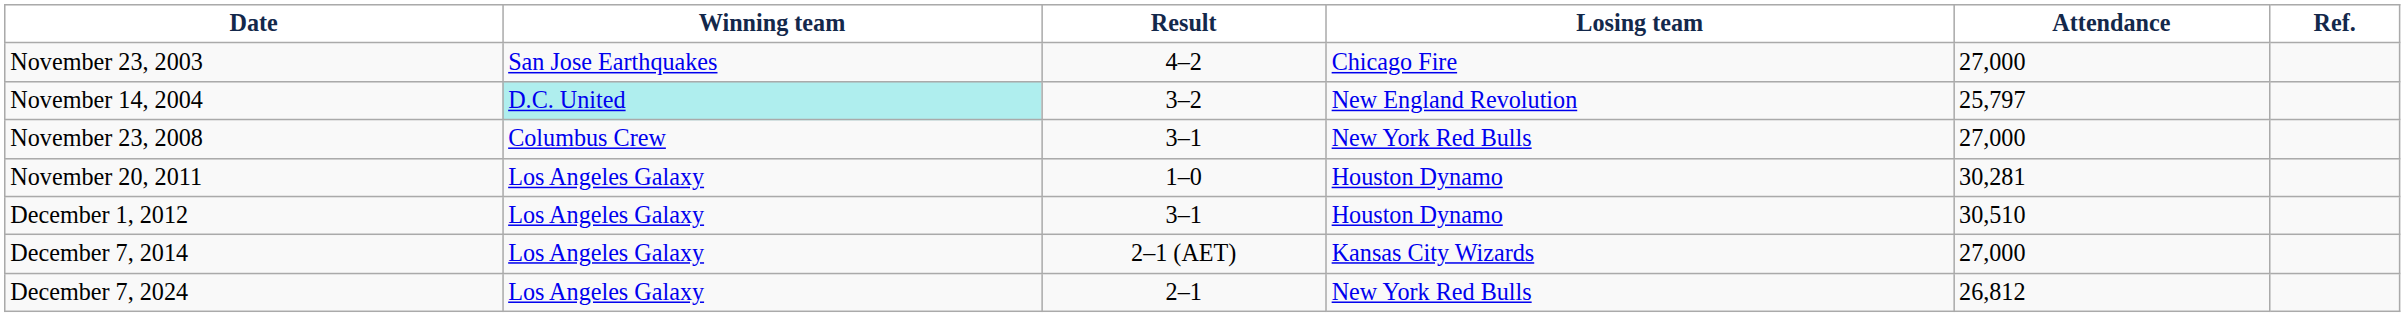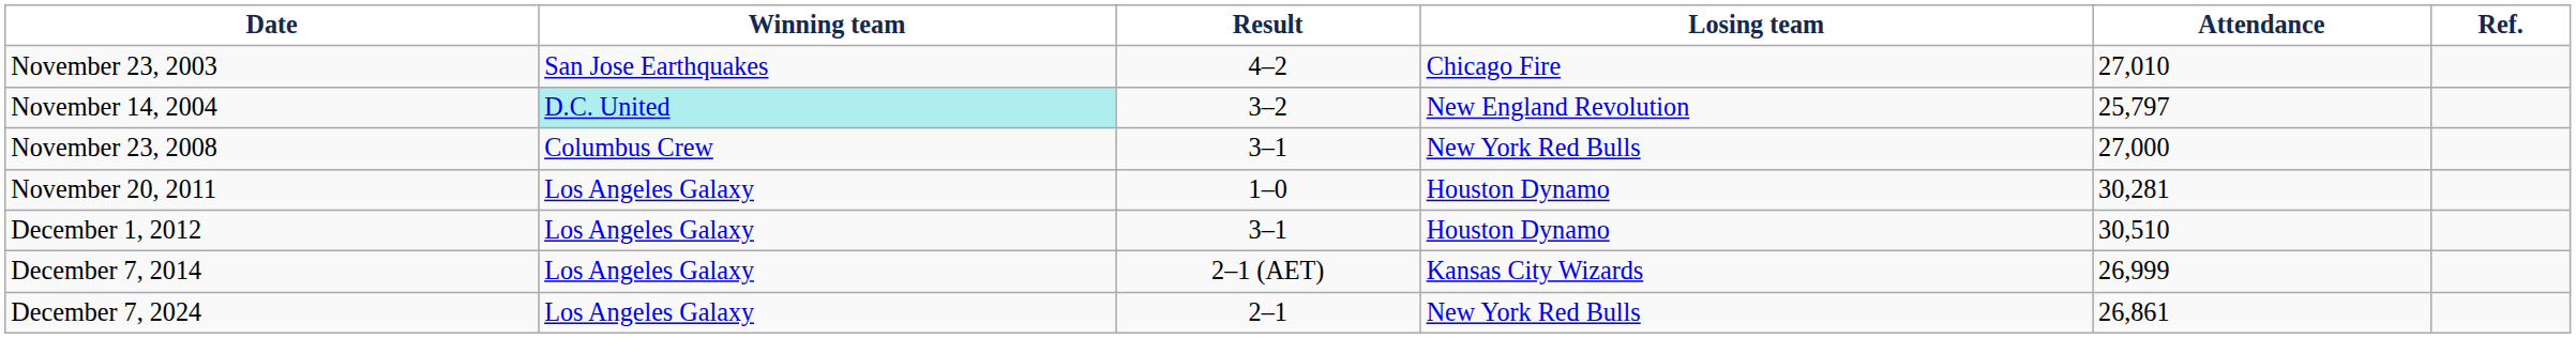 <table class="wikitable" style="text-align:left; width:80%;" style="text-align:center">
 <tr>
 <th style="text-align:center; background:#FFFFFF; color:#13284B; ">Date</th>
 <th style="text-align:center; background:#FFFFFF; color:#13284B; ">Winning team</th>
 <th style="text-align:center; background:#FFFFFF; color:#13284B; ">Result</th>
 <th style="text-align:center; background:#FFFFFF; color:#13284B; ">Losing team</th>
 <th style="text-align:center; background:#FFFFFF; color:#13284B; ">Attendance</th>
 <th style="text-align:center; background:#FFFFFF; color:#13284B; ">Ref.</th>
 </tr>
 <tr>
 <td>November 23, 2003</td>
 <td> <a href='#'>San Jose Earthquakes</a></td>
 <td align=center>4–2</td>
 <td> <a href='#'>Chicago Fire</a></td>
-<td>27,000</td>
+<td>27,010</td>
 <td></td>
 </tr>
 <tr>
 <td>November 14, 2004</td>
 <td style="background: paleturquoise;"> <a href='#'>D.C. United</a></td>
 <td align=center>3–2</td>
 <td> <a href='#'>New England Revolution</a></td>
 <td>25,797</td>
 <td></td>
 </tr>
 <tr>
 <td>November 23, 2008</td>
 <td> <a href='#'>Columbus Crew</a></td>
 <td align=center>3–1</td>
 <td> <a href='#'>New York Red Bulls</a></td>
 <td>27,000</td>
 <td></td>
 </tr>
 <tr>
 <td>November 20, 2011</td>
 <td> <a href='#'>Los Angeles Galaxy</a></td>
 <td align=center>1–0</td>
 <td> <a href='#'>Houston Dynamo</a></td>
 <td>30,281</td>
 <td></td>
 </tr>
 <tr>
 <td>December 1, 2012</td>
 <td> <a href='#'>Los Angeles Galaxy</a></td>
 <td align=center>3–1</td>
 <td> <a href='#'>Houston Dynamo</a></td>
 <td>30,510</td>
 <td></td>
 </tr>
 <tr>
 <td>December 7, 2014</td>
 <td> <a href='#'>Los Angeles Galaxy</a></td>
 <td align=center>2–1 (AET)</td>
 <td> <a href='#'>Kansas City Wizards</a></td>
-<td>27,000</td>
+<td>26,999</td>
 <td></td>
 </tr>
 <tr>
 <td>December 7, 2024</td>
 <td> <a href='#'>Los Angeles Galaxy</a></td>
 <td align=center>2–1</td>
 <td> <a href='#'>New York Red Bulls</a></td>
-<td>26,812</td>
+<td>26,861</td>
 <td></td>
 </tr>
 </table>
